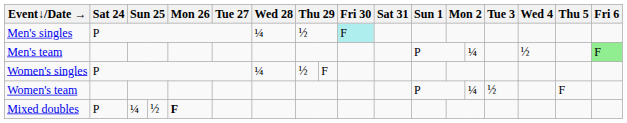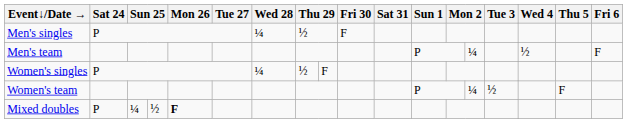 <table class="wikitable olympic-schedule table-tennis">
 <tr>
 <th>Event↓/Date →</th>
 <th>Sat 24</th>
 <th colspan=2>Sun 25</th>
 <th>Mon 26</th>
 <th>Tue 27</th>
 <th>Wed 28</th>
 <th colspan=2>Thu 29</th>
 <th>Fri 30</th>
 <th>Sat 31</th>
 <th>Sun 1</th>
 <th colspan=2>Mon 2</th>
 <th colspan=2>Tue 3</th>
 <th colspan=2>Wed 4</th>
 <th>Thu 5</th>
 <th>Fri 6</th>
 </tr>
 <tr>
 <td class="event"><a href='#'>Men's singles</a></td>
 <td colspan=5 class="prelims">P</td>
 <td class="quarterfinals">¼</td>
 <td colspan=2 class="semifinals">½</td>
-<td class="final" style="background: paleturquoise;">F</td>
+<td class="final">F</td>
 <td></td>
 <td></td>
 <td colspan=2></td>
 <td colspan=2></td>
 <td colspan=2></td>
 <td></td>
 <td></td>
 </tr>
 <tr>
 <td class="event"><a href='#'>Men's team</a></td>
 <td></td>
 <td colspan=2></td>
 <td></td>
 <td></td>
 <td></td>
 <td colspan=2></td>
 <td></td>
 <td></td>
 <td colspan=2 class="prelims">P</td>
 <td colspan=2 class="quarterfinals">¼</td>
 <td></td>
 <td colspan=2 class="semifinals">½</td>
 <td></td>
-<td class="final" style="background: lightgreen;">F</td>
+<td class="final">F</td>
 </tr>
 <tr>
 <td class="event"><a href='#'>Women's singles</a></td>
 <td colspan=5 class="prelims">P</td>
 <td class="quarterfinals">¼</td>
 <td class="semifinals">½</td>
 <td class="final">F</td>
 <td></td>
 <td></td>
 <td></td>
 <td colspan=2></td>
 <td colspan=2></td>
 <td colspan=2></td>
 <td></td>
 <td></td>
 </tr>
 <tr>
 <td class="event"><a href='#'>Women's team</a></td>
 <td></td>
 <td colspan=2></td>
 <td></td>
 <td></td>
 <td></td>
 <td colspan=2></td>
 <td></td>
 <td></td>
 <td colspan=2 class="prelims">P</td>
 <td colspan=2 class="quarterfinals">¼</td>
 <td colspan=2 class="semifinals">½</td>
 <td></td>
 <td class="final">F</td>
 <td></td>
 </tr>
 <tr>
 <td class="event"><a href='#'>Mixed doubles</a></td>
 <td class="prelims">P</td>
 <td class="quarterfinals">¼</td>
 <td class="semifinals">½</td>
 <td class="final"><strong>F</strong></td>
 <td></td>
 <td></td>
 <td colspan=2></td>
 <td></td>
 <td></td>
 <td></td>
 <td colspan=2></td>
 <td colspan=2></td>
 <td colspan=2></td>
 <td></td>
 <td></td>
 </tr>
 </table>
